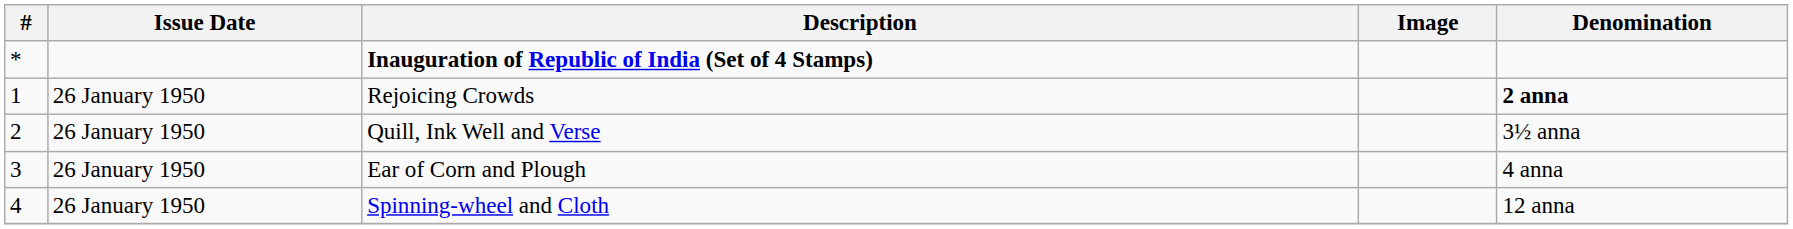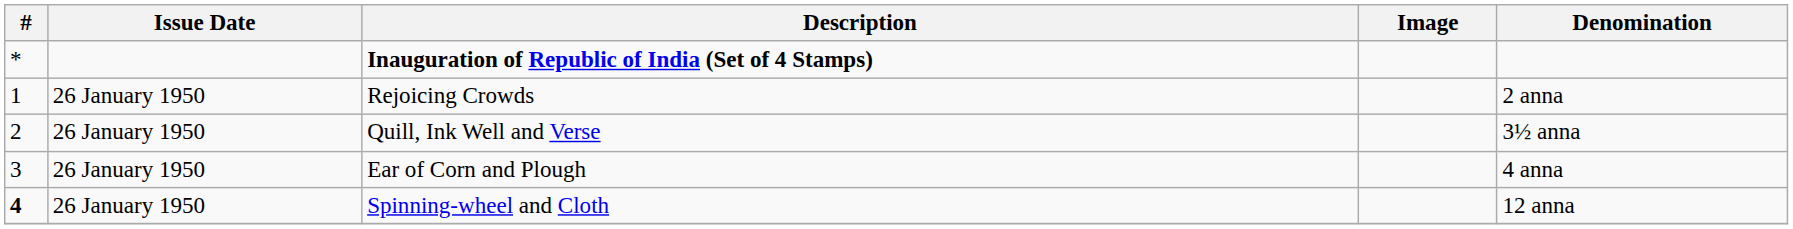 <table class = "wikitable"  style = "text-align:justify" width = "98%">
 <tr>
 <th>#</th>
 <th>Issue Date</th>
 <th>Description</th>
 <th>Image</th>
 <th>Denomination</th>
 </tr>
 <tr>
 <td>*</td>
 <td></td>
 <td><strong>Inauguration of <a href='#'>Republic of India</a> (Set of 4 Stamps)</strong></td>
 <td></td>
 <td></td>
 </tr>
 <tr>
 <td>1</td>
 <td>26 January 1950</td>
 <td>Rejoicing Crowds</td>
 <td></td>
-<td><strong>2 anna</strong></td>
+<td>2 anna</td>
 </tr>
 <tr>
 <td>2</td>
 <td>26 January 1950</td>
 <td>Quill, Ink Well and <a href='#'>Verse</a></td>
 <td></td>
 <td>3½ anna</td>
 </tr>
 <tr>
 <td>3</td>
 <td>26 January 1950</td>
 <td>Ear of Corn and Plough</td>
 <td></td>
 <td>4 anna</td>
 </tr>
 <tr>
-<td>4</td>
+<td><strong>4</strong></td>
 <td>26 January 1950</td>
 <td><a href='#'>Spinning-wheel</a> and <a href='#'>Cloth</a></td>
 <td></td>
 <td>12 anna</td>
 </tr>
 <tr>
 </tr>
 </table>
